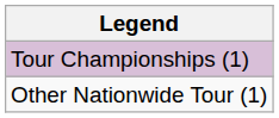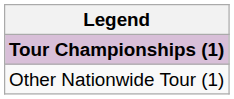 <table class="wikitable" style="font-size:95%;">
 <tr>
 <th>Legend</th>
 </tr>
 <tr style="background:thistle;">
-<td>Tour Championships (1)</td>
+<td><strong>Tour Championships (1)</strong></td>
 </tr>
 <tr>
 <td>Other Nationwide Tour (1)</td>
 </tr>
 </table>
